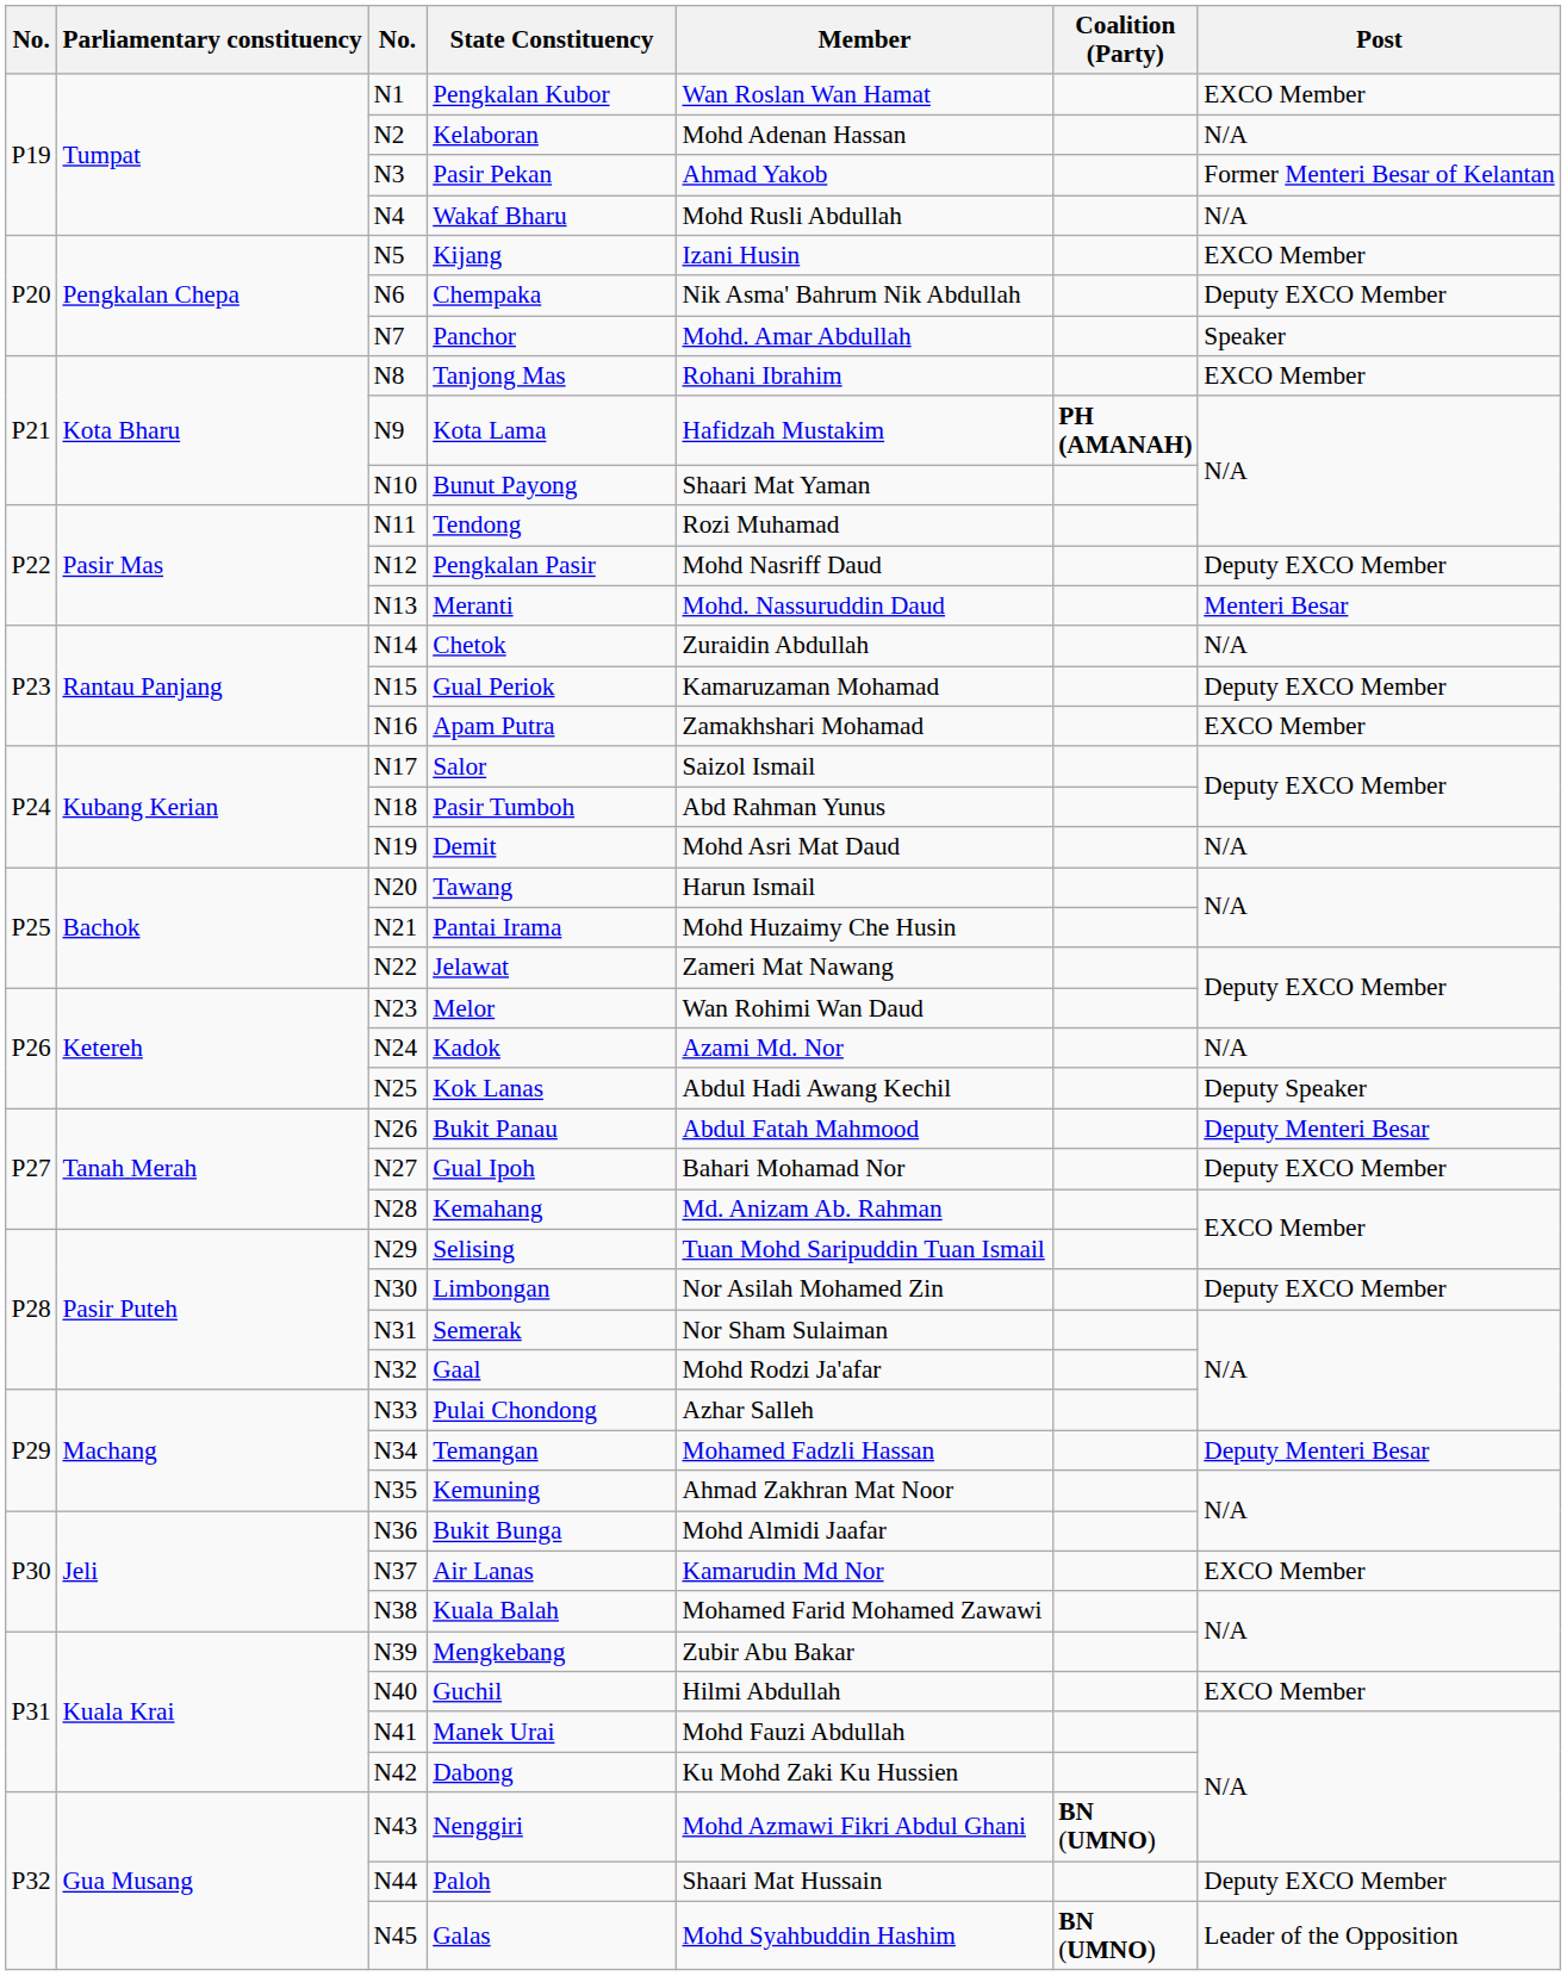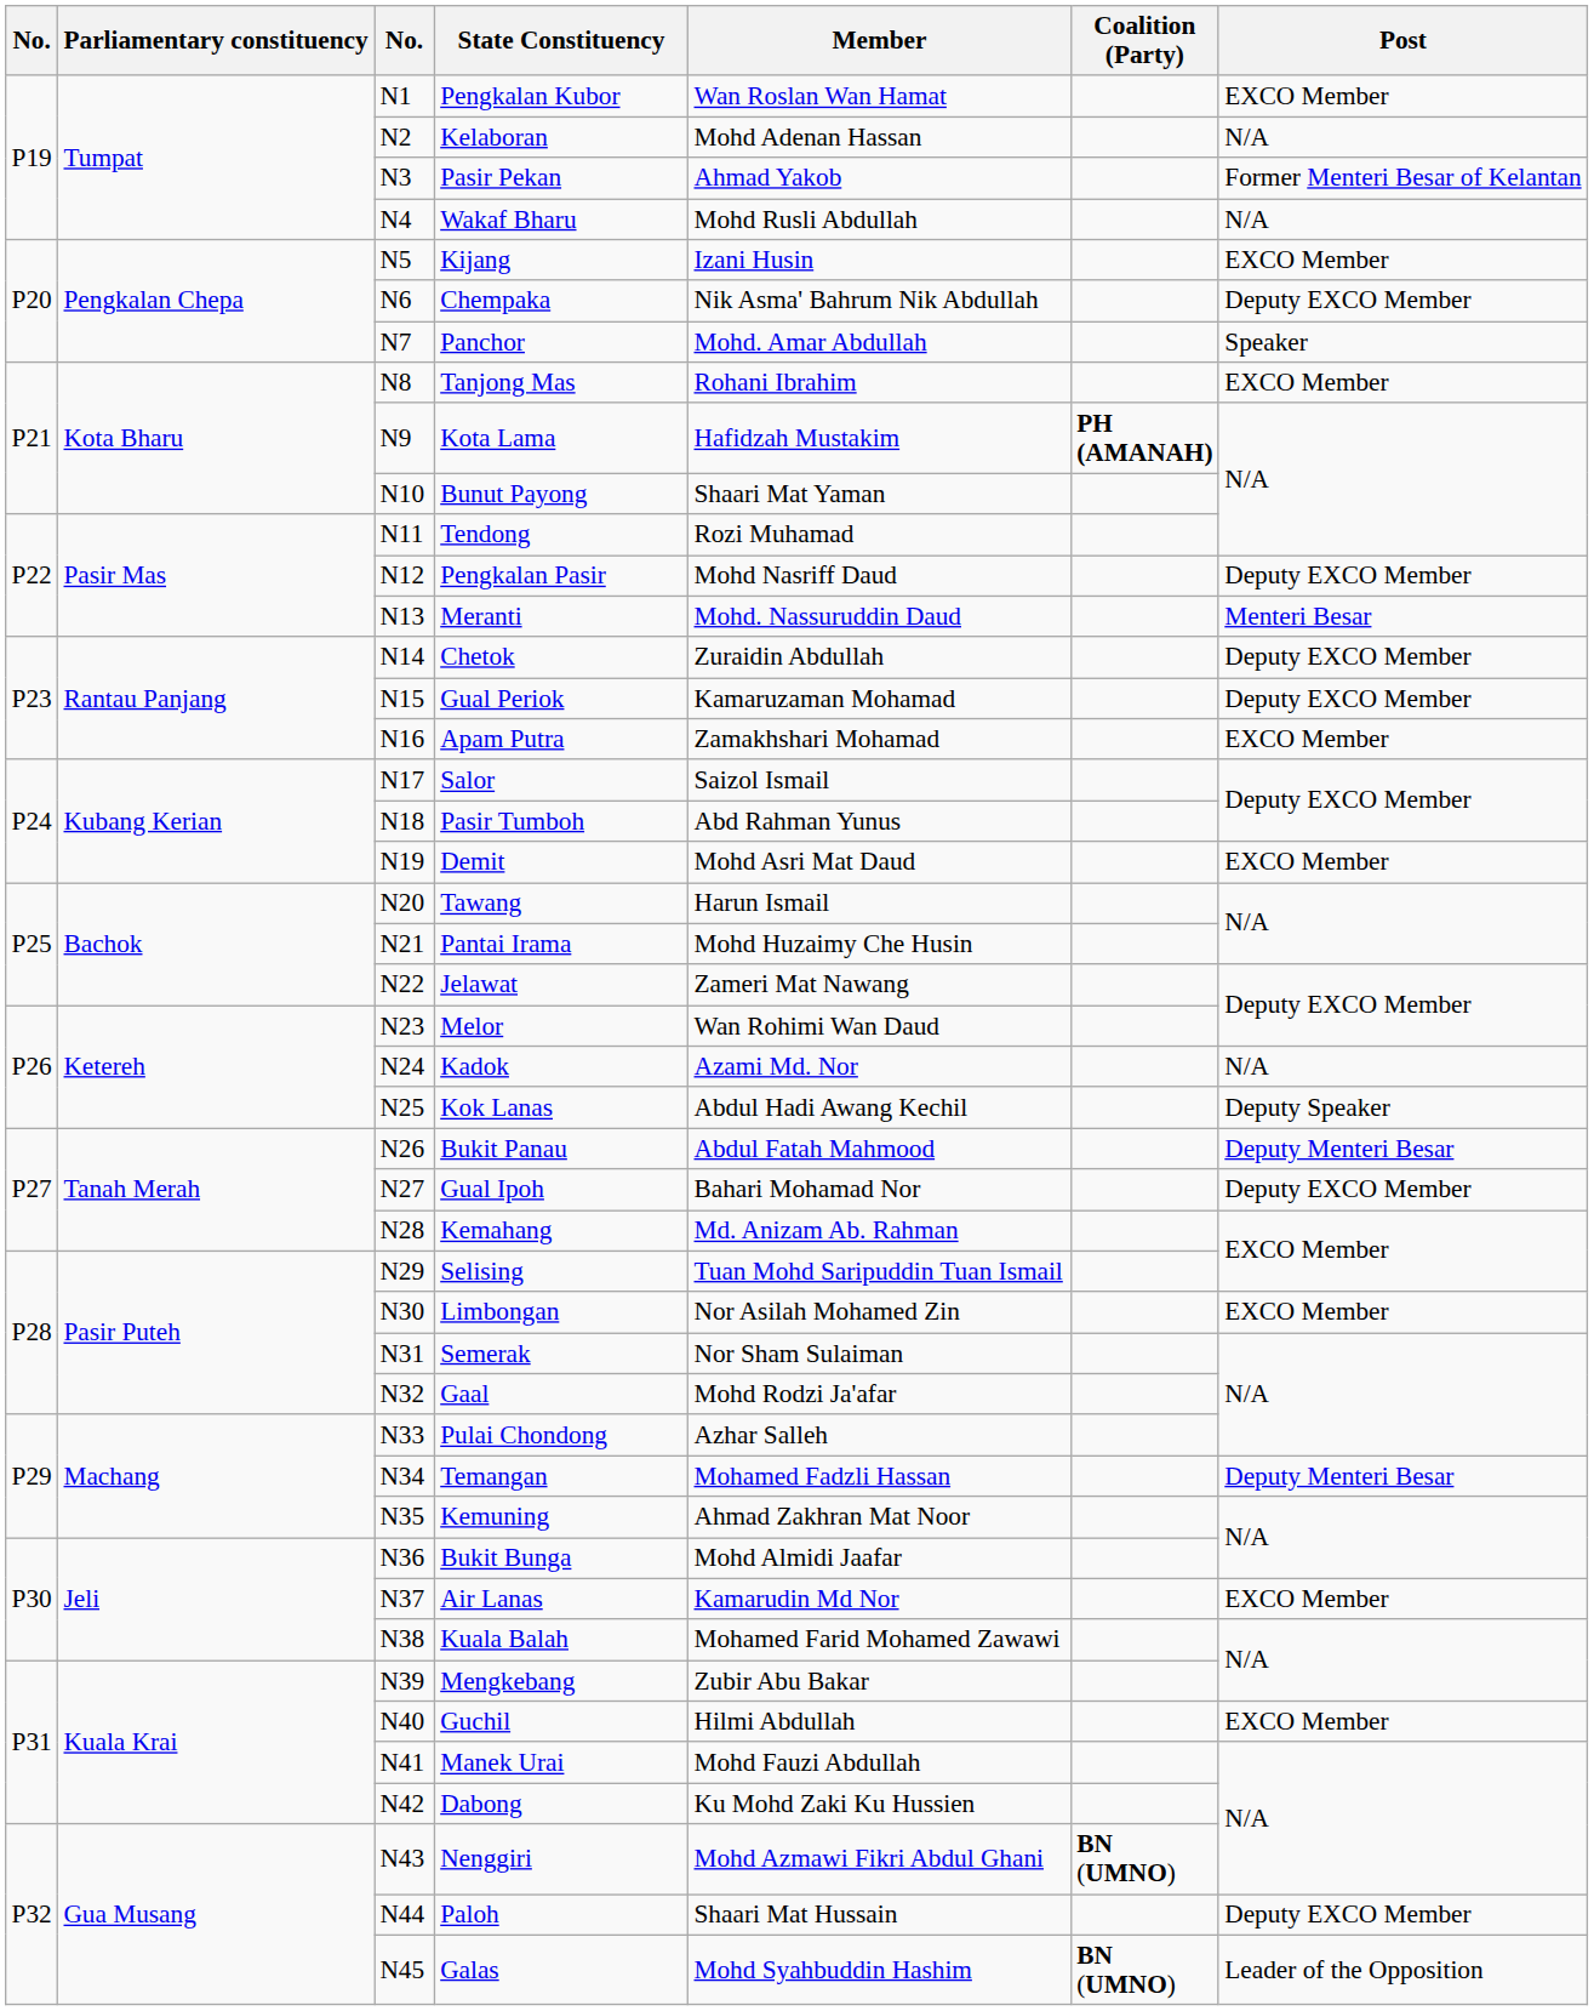 <table class="wikitable">
 <tr>
 <th>No.</th>
 <th>Parliamentary constituency</th>
 <th width="30">No.</th>
 <th width="150">State Constituency</th>
 <th width="230">Member</th>
 <th width="80">Coalition (Party)</th>
 <th>Post</th>
 </tr>
 <tr>
 <td rowspan="4">P19</td>
 <td rowspan="4"><a href='#'>Tumpat</a></td>
 <td>N1</td>
 <td><a href='#'>Pengkalan Kubor</a></td>
 <td><a href='#'>Wan Roslan Wan Hamat</a></td>
 <td></td>
 <td>EXCO Member</td>
 </tr>
 <tr>
 <td>N2</td>
 <td><a href='#'>Kelaboran</a></td>
 <td>Mohd Adenan Hassan</td>
 <td></td>
 <td>N/A</td>
 </tr>
 <tr>
 <td>N3</td>
 <td><a href='#'>Pasir Pekan</a></td>
 <td><a href='#'>Ahmad Yakob</a></td>
 <td></td>
 <td>Former <a href='#'>Menteri Besar of Kelantan</a></td>
 </tr>
 <tr>
 <td>N4</td>
 <td><a href='#'>Wakaf Bharu</a></td>
 <td>Mohd Rusli Abdullah</td>
 <td></td>
 <td>N/A</td>
 </tr>
 <tr>
 <td rowspan="3">P20</td>
 <td rowspan="3"><a href='#'>Pengkalan Chepa</a></td>
 <td>N5</td>
 <td><a href='#'>Kijang</a></td>
 <td><a href='#'>Izani Husin</a></td>
 <td></td>
 <td>EXCO Member</td>
 </tr>
 <tr>
 <td>N6</td>
 <td><a href='#'>Chempaka</a></td>
 <td>Nik Asma' Bahrum Nik Abdullah</td>
 <td></td>
 <td>Deputy EXCO Member</td>
 </tr>
 <tr>
 <td>N7</td>
 <td><a href='#'>Panchor</a></td>
 <td><a href='#'>Mohd. Amar Abdullah</a></td>
 <td></td>
 <td>Speaker</td>
 </tr>
 <tr>
 <td rowspan="3">P21</td>
 <td rowspan="3"><a href='#'>Kota Bharu</a></td>
 <td>N8</td>
 <td><a href='#'>Tanjong Mas</a></td>
 <td><a href='#'>Rohani Ibrahim</a></td>
 <td></td>
 <td>EXCO Member</td>
 </tr>
 <tr>
 <td>N9</td>
 <td><a href='#'>Kota Lama</a></td>
 <td><a href='#'>Hafidzah Mustakim</a></td>
 <td><strong>PH (AMANAH)</strong></td>
 <td rowspan="3">N/A</td>
 </tr>
 <tr>
 <td>N10</td>
 <td><a href='#'>Bunut Payong</a></td>
 <td>Shaari Mat Yaman</td>
 <td></td>
 </tr>
 <tr>
 <td rowspan="3">P22</td>
 <td rowspan="3"><a href='#'>Pasir Mas</a></td>
 <td>N11</td>
 <td><a href='#'>Tendong</a></td>
 <td>Rozi Muhamad</td>
 <td></td>
 </tr>
 <tr>
 <td>N12</td>
 <td><a href='#'>Pengkalan Pasir</a></td>
 <td>Mohd Nasriff Daud</td>
 <td></td>
 <td>Deputy EXCO Member</td>
 </tr>
 <tr>
 <td>N13</td>
 <td><a href='#'>Meranti</a></td>
 <td><a href='#'>Mohd. Nassuruddin Daud</a></td>
 <td></td>
 <td><a href='#'>Menteri Besar</a></td>
 </tr>
 <tr>
 <td rowspan="3">P23</td>
 <td rowspan="3"><a href='#'>Rantau Panjang</a></td>
 <td>N14</td>
 <td><a href='#'>Chetok</a></td>
 <td>Zuraidin Abdullah</td>
 <td></td>
-<td>N/A</td>
+<td>Deputy EXCO Member</td>
 </tr>
 <tr>
 <td>N15</td>
 <td><a href='#'>Gual Periok</a></td>
 <td>Kamaruzaman Mohamad</td>
 <td></td>
 <td>Deputy EXCO Member</td>
 </tr>
 <tr>
 <td>N16</td>
 <td><a href='#'>Apam Putra</a></td>
 <td>Zamakhshari Mohamad</td>
 <td></td>
 <td>EXCO Member</td>
 </tr>
 <tr>
 <td rowspan="3">P24</td>
 <td rowspan="3"><a href='#'>Kubang Kerian</a></td>
 <td>N17</td>
 <td><a href='#'>Salor</a></td>
 <td>Saizol Ismail</td>
 <td></td>
 <td rowspan="2">Deputy EXCO Member</td>
 </tr>
 <tr>
 <td>N18</td>
 <td><a href='#'>Pasir Tumboh</a></td>
 <td>Abd Rahman Yunus</td>
 <td></td>
 </tr>
 <tr>
 <td>N19</td>
 <td><a href='#'>Demit</a></td>
 <td>Mohd Asri Mat Daud</td>
 <td></td>
-<td>N/A</td>
+<td>EXCO Member</td>
 </tr>
 <tr>
 <td rowspan="3">P25</td>
 <td rowspan="3"><a href='#'>Bachok</a></td>
 <td>N20</td>
 <td><a href='#'>Tawang</a></td>
 <td>Harun Ismail</td>
 <td></td>
 <td rowspan="2">N/A</td>
 </tr>
 <tr>
 <td>N21</td>
 <td><a href='#'>Pantai Irama</a></td>
 <td>Mohd Huzaimy Che Husin</td>
 <td></td>
 </tr>
 <tr>
 <td>N22</td>
 <td><a href='#'>Jelawat</a></td>
 <td>Zameri Mat Nawang</td>
 <td></td>
 <td rowspan="2">Deputy EXCO Member</td>
 </tr>
 <tr>
 <td rowspan="3">P26</td>
 <td rowspan="3"><a href='#'>Ketereh</a></td>
 <td>N23</td>
 <td><a href='#'>Melor</a></td>
 <td>Wan Rohimi Wan Daud</td>
 <td></td>
 </tr>
 <tr>
 <td>N24</td>
 <td><a href='#'>Kadok</a></td>
 <td><a href='#'>Azami Md. Nor</a></td>
 <td></td>
 <td>N/A</td>
 </tr>
 <tr>
 <td>N25</td>
 <td><a href='#'>Kok Lanas</a></td>
 <td>Abdul Hadi Awang Kechil</td>
 <td></td>
 <td>Deputy Speaker</td>
 </tr>
 <tr>
 <td rowspan="3">P27</td>
 <td rowspan="3"><a href='#'>Tanah Merah</a></td>
 <td>N26</td>
 <td><a href='#'>Bukit Panau</a></td>
 <td><a href='#'>Abdul Fatah Mahmood</a></td>
 <td></td>
 <td><a href='#'>Deputy Menteri Besar</a></td>
 </tr>
 <tr>
 <td>N27</td>
 <td><a href='#'>Gual Ipoh</a></td>
 <td>Bahari Mohamad Nor</td>
 <td></td>
 <td>Deputy EXCO Member</td>
 </tr>
 <tr>
 <td>N28</td>
 <td><a href='#'>Kemahang</a></td>
 <td><a href='#'>Md. Anizam Ab. Rahman</a></td>
 <td></td>
 <td rowspan="2">EXCO Member</td>
 </tr>
 <tr>
 <td rowspan="4">P28</td>
 <td rowspan="4"><a href='#'>Pasir Puteh</a></td>
 <td>N29</td>
 <td><a href='#'>Selising</a></td>
 <td><a href='#'>Tuan Mohd Saripuddin Tuan Ismail</a></td>
 <td></td>
 </tr>
 <tr>
 <td>N30</td>
 <td><a href='#'>Limbongan</a></td>
 <td>Nor Asilah Mohamed Zin</td>
 <td></td>
-<td>Deputy EXCO Member</td>
+<td>EXCO Member</td>
 </tr>
 <tr>
 <td>N31</td>
 <td><a href='#'>Semerak</a></td>
 <td>Nor Sham Sulaiman</td>
 <td></td>
 <td rowspan="3">N/A</td>
 </tr>
 <tr>
 <td>N32</td>
 <td><a href='#'>Gaal</a></td>
 <td>Mohd Rodzi Ja'afar</td>
 <td></td>
 </tr>
 <tr>
 <td rowspan="3">P29</td>
 <td rowspan="3"><a href='#'>Machang</a></td>
 <td>N33</td>
 <td><a href='#'>Pulai Chondong</a></td>
 <td>Azhar Salleh</td>
 <td></td>
 </tr>
 <tr>
 <td>N34</td>
 <td><a href='#'>Temangan</a></td>
 <td><a href='#'>Mohamed Fadzli Hassan</a></td>
 <td></td>
 <td><a href='#'>Deputy Menteri Besar</a></td>
 </tr>
 <tr>
 <td>N35</td>
 <td><a href='#'>Kemuning</a></td>
 <td>Ahmad Zakhran Mat Noor</td>
 <td></td>
 <td rowspan="2">N/A</td>
 </tr>
 <tr>
 <td rowspan="3">P30</td>
 <td rowspan="3"><a href='#'>Jeli</a></td>
 <td>N36</td>
 <td><a href='#'>Bukit Bunga</a></td>
 <td>Mohd Almidi Jaafar</td>
 <td></td>
 </tr>
 <tr>
 <td>N37</td>
 <td><a href='#'>Air Lanas</a></td>
 <td><a href='#'>Kamarudin Md Nor</a></td>
 <td></td>
 <td>EXCO Member</td>
 </tr>
 <tr>
 <td>N38</td>
 <td><a href='#'>Kuala Balah</a></td>
 <td>Mohamed Farid Mohamed Zawawi</td>
 <td></td>
 <td rowspan="2">N/A</td>
 </tr>
 <tr>
 <td rowspan="4">P31</td>
 <td rowspan="4"><a href='#'>Kuala Krai</a></td>
 <td>N39</td>
 <td><a href='#'>Mengkebang</a></td>
 <td>Zubir Abu Bakar</td>
 <td></td>
 </tr>
 <tr>
 <td>N40</td>
 <td><a href='#'>Guchil</a></td>
 <td>Hilmi Abdullah</td>
 <td></td>
 <td>EXCO Member</td>
 </tr>
 <tr>
 <td>N41</td>
 <td><a href='#'>Manek Urai</a></td>
 <td>Mohd Fauzi Abdullah</td>
 <td></td>
 <td rowspan="3">N/A</td>
 </tr>
 <tr>
 <td>N42</td>
 <td><a href='#'>Dabong</a></td>
 <td>Ku Mohd Zaki Ku Hussien</td>
 <td></td>
 </tr>
 <tr>
 <td rowspan="3">P32</td>
 <td rowspan="3"><a href='#'>Gua Musang</a></td>
 <td>N43</td>
 <td><a href='#'>Nenggiri</a></td>
 <td><a href='#'>Mohd Azmawi Fikri Abdul Ghani</a></td>
 <td><strong>BN</strong> (<strong>UMNO</strong>)</td>
 </tr>
 <tr>
 <td>N44</td>
 <td><a href='#'>Paloh</a></td>
 <td>Shaari Mat Hussain</td>
 <td></td>
 <td>Deputy EXCO Member</td>
 </tr>
 <tr>
 <td>N45</td>
 <td><a href='#'>Galas</a></td>
 <td><a href='#'>Mohd Syahbuddin Hashim</a></td>
 <td><strong>BN</strong> (<strong>UMNO</strong>)</td>
 <td>Leader of the Opposition</td>
 </tr>
 </table>
